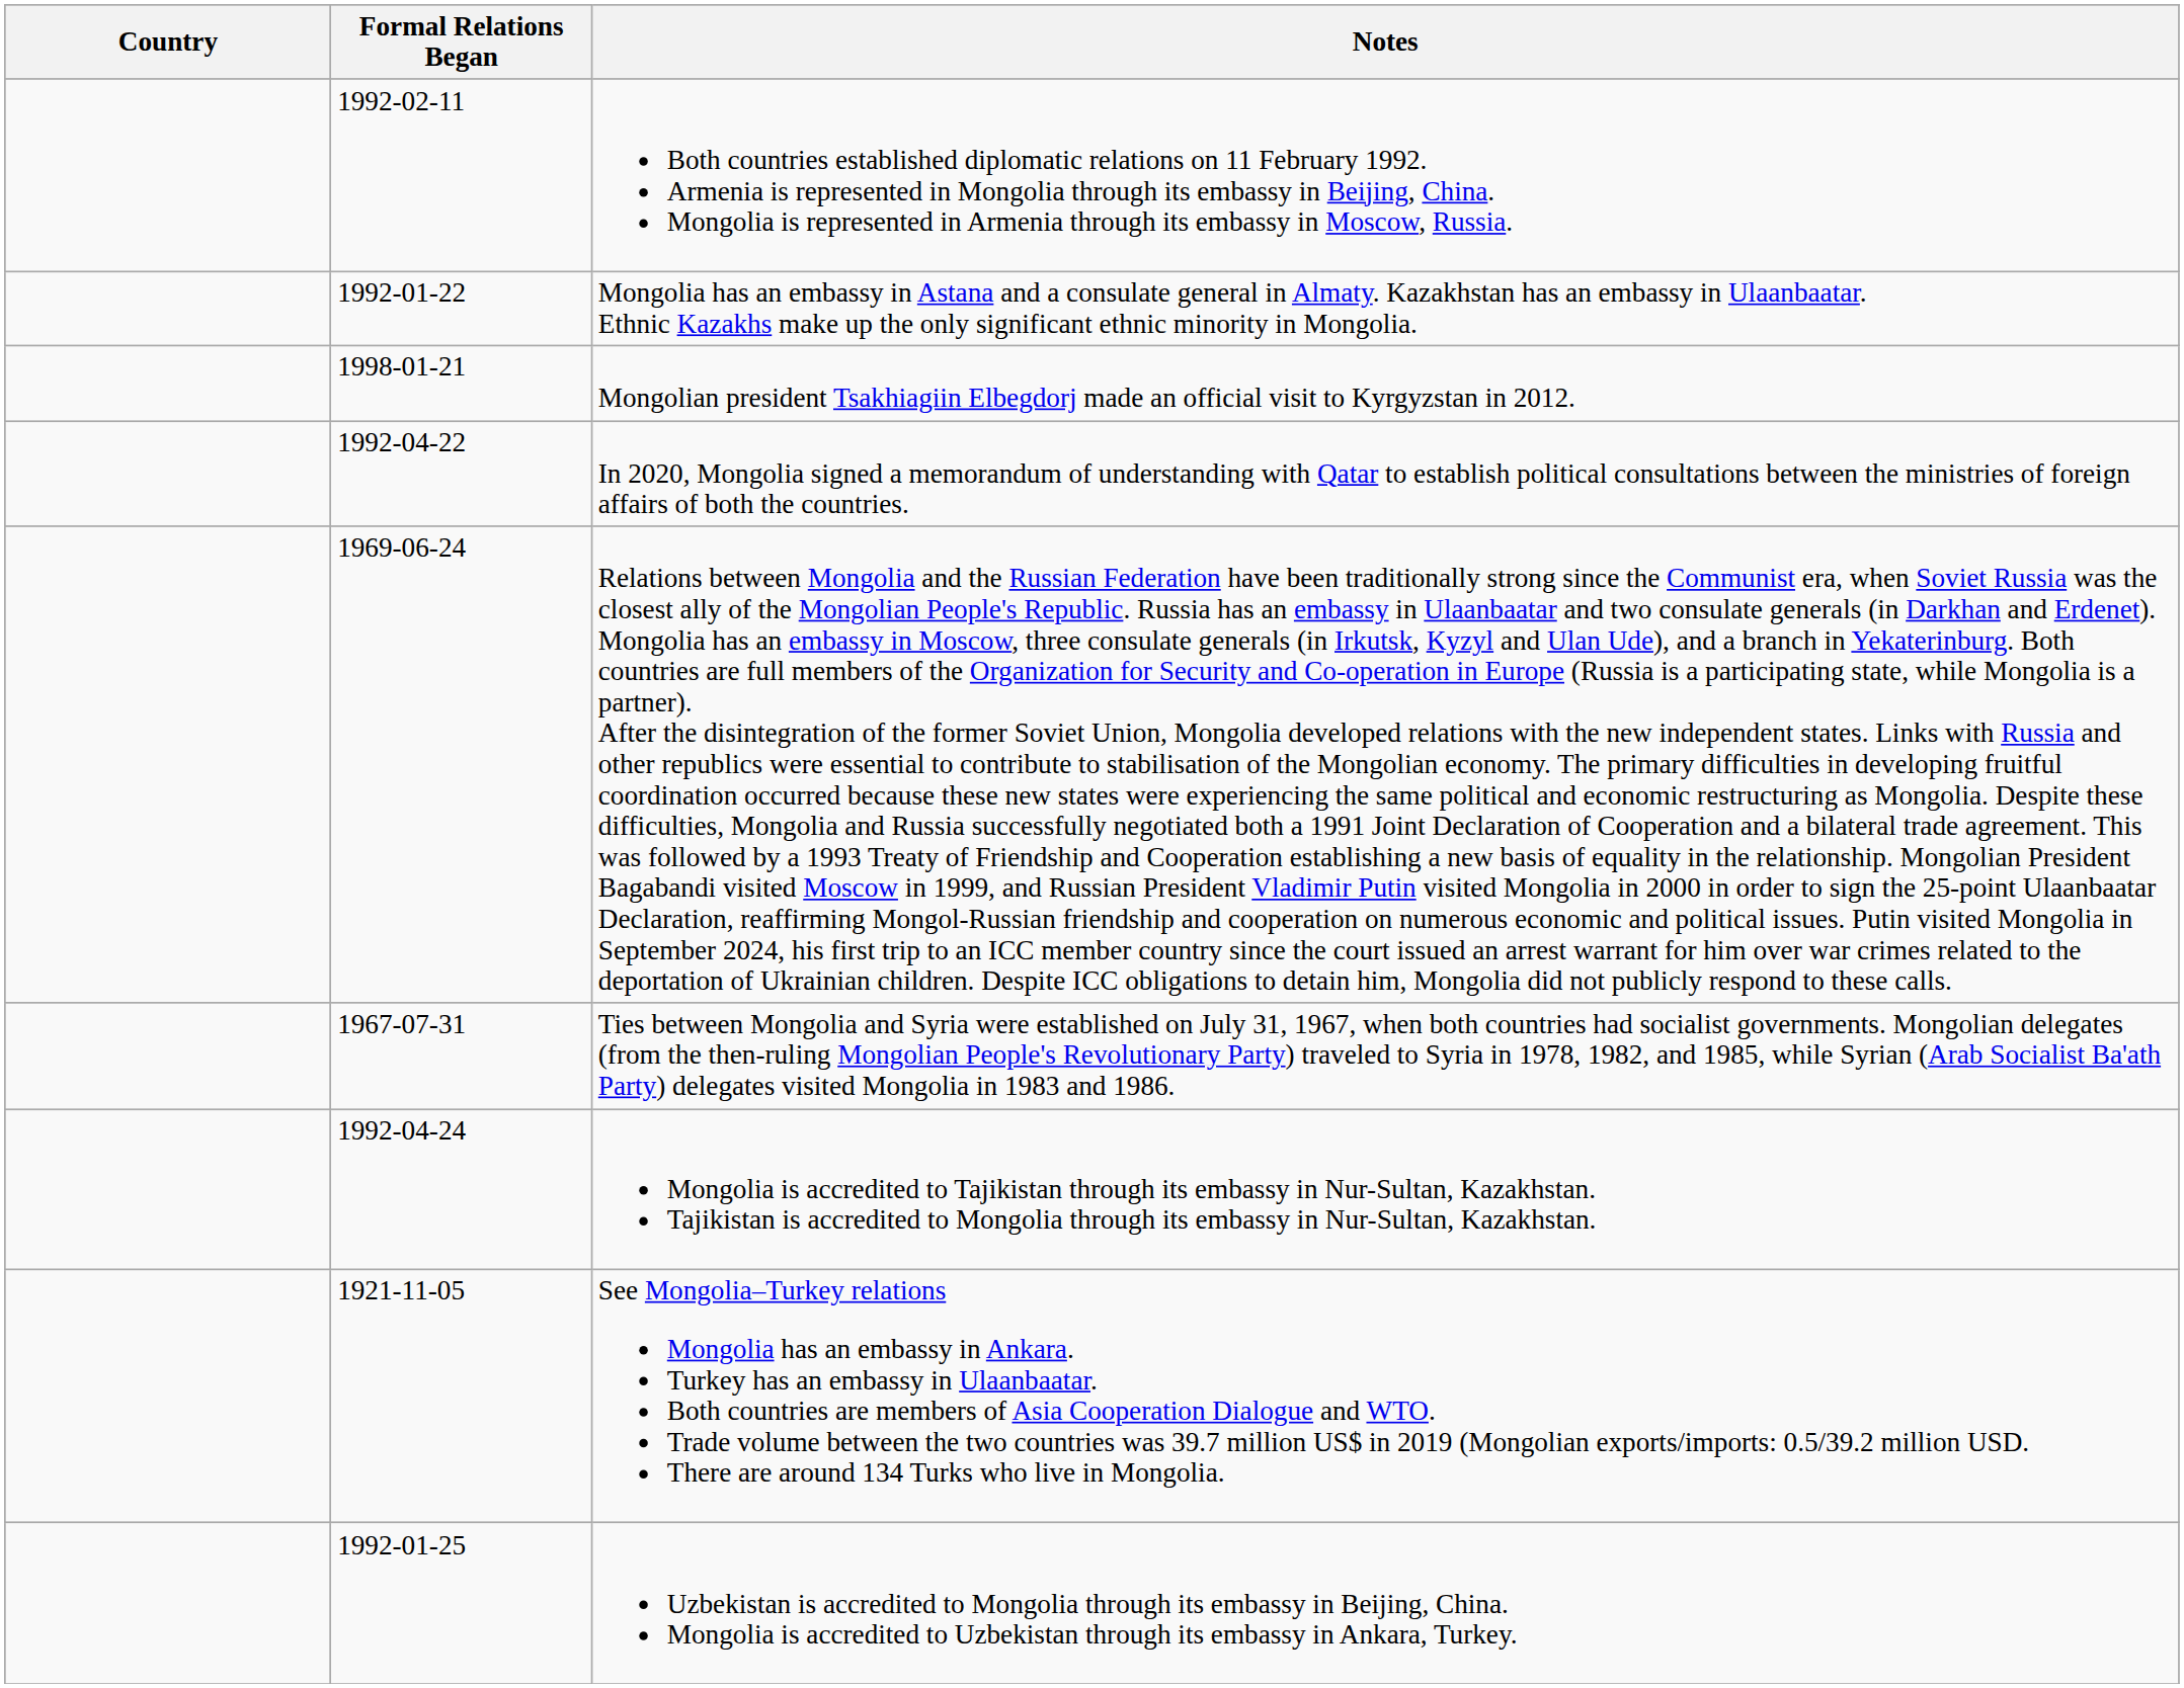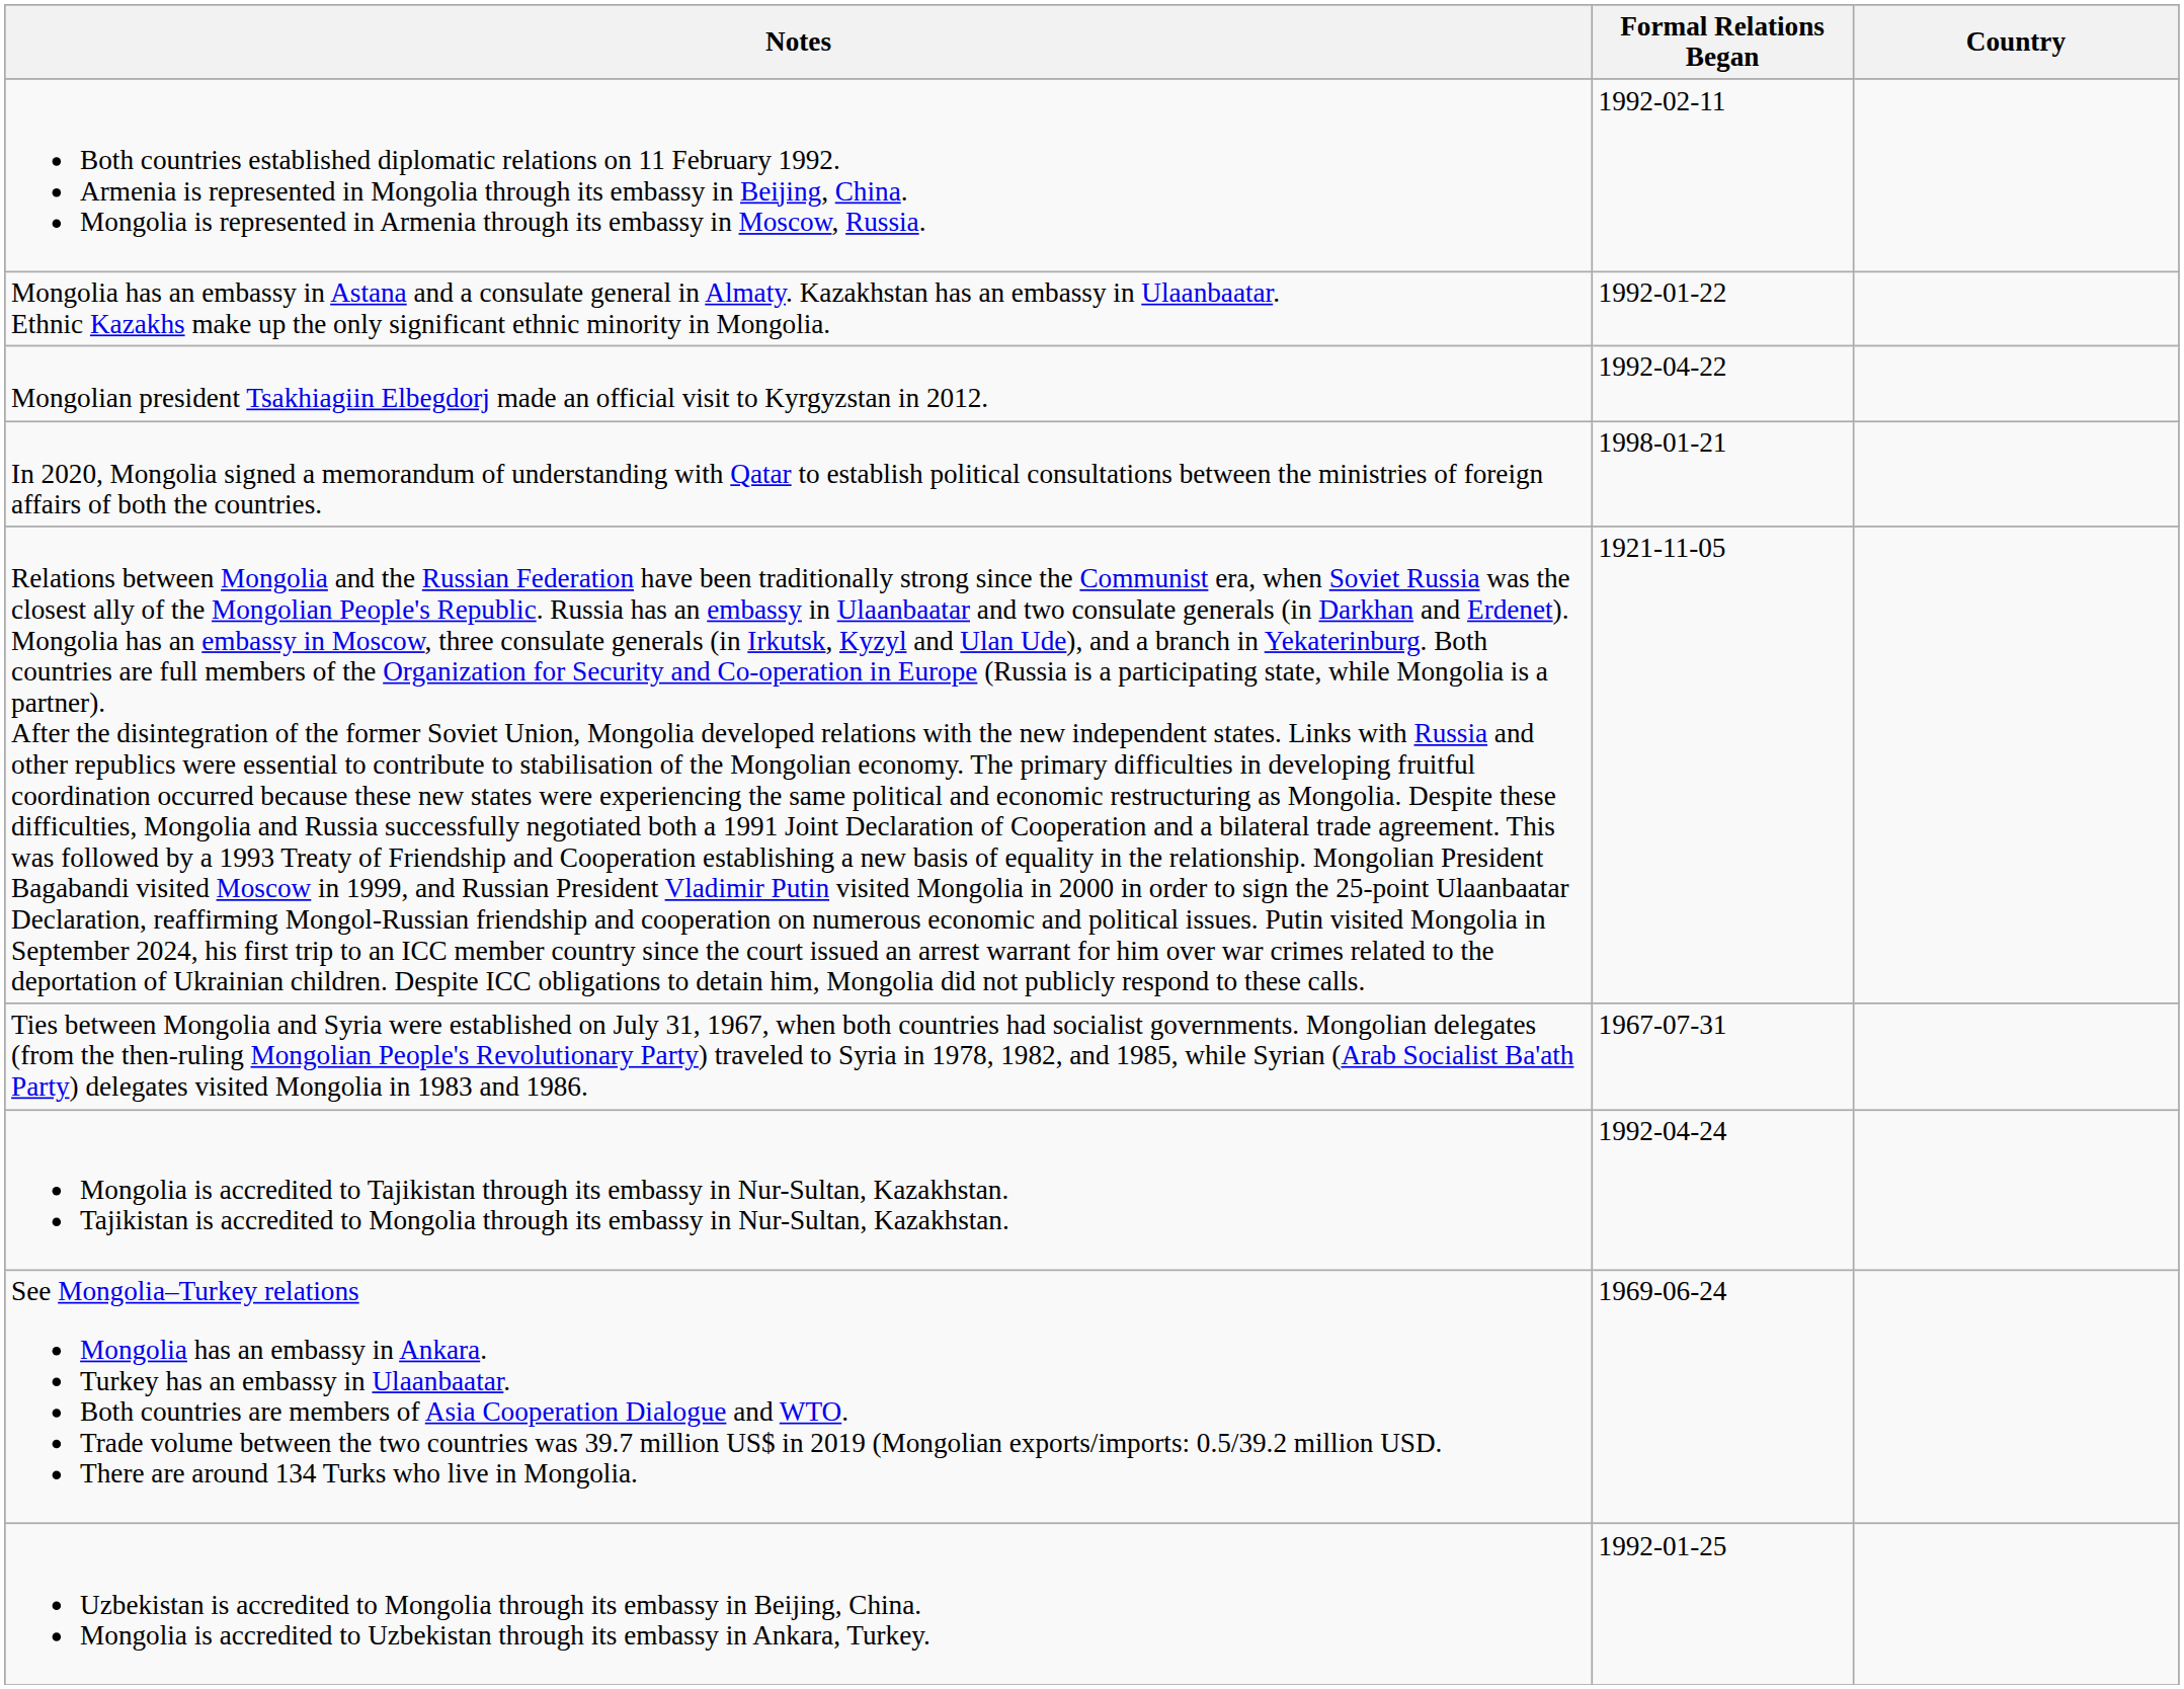 <table class="wikitable sortable" style="width:100%; margin:auto;">
 <tr>
+<th>Notes</th>
+<th style="width:12%;">Formal Relations Began</th>
 <th style="width:15%;">Country</th>
-<th style="width:12%;">Formal Relations Began</th>
-<th>Notes</th>
 </tr>
 <tr valign="top">
+<td><br><ul><li>Both countries established diplomatic relations on 11 February 1992.</li><li>Armenia is represented in Mongolia through its embassy in <a href='#'>Beijing</a>, <a href='#'>China</a>.</li><li>Mongolia is represented in Armenia through its embassy in <a href='#'>Moscow</a>, <a href='#'>Russia</a>.</li></ul></td>
+<td>1992-02-11</td>
 <td></td>
-<td>1992-02-11</td>
-<td><br><ul><li>Both countries established diplomatic relations on 11 February 1992.</li><li>Armenia is represented in Mongolia through its embassy in <a href='#'>Beijing</a>, <a href='#'>China</a>.</li><li>Mongolia is represented in Armenia through its embassy in <a href='#'>Moscow</a>, <a href='#'>Russia</a>.</li></ul></td>
 </tr>
 <tr valign="top">
+<td>Mongolia has an embassy in <a href='#'>Astana</a> and a consulate general in <a href='#'>Almaty</a>. Kazakhstan has an embassy in <a href='#'>Ulaanbaatar</a>.<br>Ethnic <a href='#'>Kazakhs</a> make up the only significant ethnic minority in Mongolia.</td>
+<td>1992-01-22</td>
 <td></td>
-<td>1992-01-22</td>
-<td>Mongolia has an embassy in <a href='#'>Astana</a> and a consulate general in <a href='#'>Almaty</a>. Kazakhstan has an embassy in <a href='#'>Ulaanbaatar</a>.<br>Ethnic <a href='#'>Kazakhs</a> make up the only significant ethnic minority in Mongolia.</td>
 </tr>
 <tr valign="top">
+<td><br>Mongolian president <a href='#'>Tsakhiagiin Elbegdorj</a> made an official visit to Kyrgyzstan in 2012.</td>
+<td>1992-04-22</td>
 <td></td>
-<td>1998-01-21</td>
-<td><br>Mongolian president <a href='#'>Tsakhiagiin Elbegdorj</a> made an official visit to Kyrgyzstan in 2012.</td>
 </tr>
 <tr valign="top">
+<td><br>In 2020, Mongolia signed a memorandum of understanding with <a href='#'>Qatar</a> to establish political consultations between the ministries of foreign affairs of both the countries.</td>
+<td>1998-01-21</td>
 <td></td>
-<td>1992-04-22</td>
-<td><br>In 2020, Mongolia signed a memorandum of understanding with <a href='#'>Qatar</a> to establish political consultations between the ministries of foreign affairs of both the countries.</td>
 </tr>
 <tr valign="top">
+<td><br>Relations between <a href='#'>Mongolia</a> and the <a href='#'>Russian Federation</a> have been traditionally strong since the <a href='#'>Communist</a> era, when <a href='#'>Soviet Russia</a> was the closest ally of the <a href='#'>Mongolian People's Republic</a>. Russia has an <a href='#'>embassy</a> in <a href='#'>Ulaanbaatar</a> and two consulate generals (in <a href='#'>Darkhan</a> and <a href='#'>Erdenet</a>). Mongolia has an <a href='#'>embassy in Moscow</a>, three consulate generals (in <a href='#'>Irkutsk</a>, <a href='#'>Kyzyl</a> and <a href='#'>Ulan Ude</a>), and a branch in <a href='#'>Yekaterinburg</a>. Both countries are full members of the <a href='#'>Organization for Security and Co-operation in Europe</a> (Russia is a participating state, while Mongolia is a partner).<br>After the disintegration of the former Soviet Union, Mongolia developed relations with the new independent states. Links with <a href='#'>Russia</a> and other republics were essential to contribute to stabilisation of the Mongolian economy. The primary difficulties in developing fruitful coordination occurred because these new states were experiencing the same political and economic restructuring as Mongolia. Despite these difficulties, Mongolia and Russia successfully negotiated both a 1991 Joint Declaration of Cooperation and a bilateral trade agreement. This was followed by a 1993 Treaty of Friendship and Cooperation establishing a new basis of equality in the relationship. Mongolian President Bagabandi visited <a href='#'>Moscow</a> in 1999, and Russian President <a href='#'>Vladimir Putin</a> visited Mongolia in 2000 in order to sign the 25-point Ulaanbaatar Declaration, reaffirming Mongol-Russian friendship and cooperation on numerous economic and political issues. Putin visited Mongolia in September 2024, his first trip to an ICC member country since the court issued an arrest warrant for him over war crimes related to the deportation of Ukrainian children. Despite ICC obligations to detain him, Mongolia did not publicly respond to these calls.</td>
+<td>1921-11-05</td>
 <td></td>
-<td>1969-06-24</td>
-<td><br>Relations between <a href='#'>Mongolia</a> and the <a href='#'>Russian Federation</a> have been traditionally strong since the <a href='#'>Communist</a> era, when <a href='#'>Soviet Russia</a> was the closest ally of the <a href='#'>Mongolian People's Republic</a>. Russia has an <a href='#'>embassy</a> in <a href='#'>Ulaanbaatar</a> and two consulate generals (in <a href='#'>Darkhan</a> and <a href='#'>Erdenet</a>). Mongolia has an <a href='#'>embassy in Moscow</a>, three consulate generals (in <a href='#'>Irkutsk</a>, <a href='#'>Kyzyl</a> and <a href='#'>Ulan Ude</a>), and a branch in <a href='#'>Yekaterinburg</a>. Both countries are full members of the <a href='#'>Organization for Security and Co-operation in Europe</a> (Russia is a participating state, while Mongolia is a partner).<br>After the disintegration of the former Soviet Union, Mongolia developed relations with the new independent states. Links with <a href='#'>Russia</a> and other republics were essential to contribute to stabilisation of the Mongolian economy. The primary difficulties in developing fruitful coordination occurred because these new states were experiencing the same political and economic restructuring as Mongolia. Despite these difficulties, Mongolia and Russia successfully negotiated both a 1991 Joint Declaration of Cooperation and a bilateral trade agreement. This was followed by a 1993 Treaty of Friendship and Cooperation establishing a new basis of equality in the relationship. Mongolian President Bagabandi visited <a href='#'>Moscow</a> in 1999, and Russian President <a href='#'>Vladimir Putin</a> visited Mongolia in 2000 in order to sign the 25-point Ulaanbaatar Declaration, reaffirming Mongol-Russian friendship and cooperation on numerous economic and political issues. Putin visited Mongolia in September 2024, his first trip to an ICC member country since the court issued an arrest warrant for him over war crimes related to the deportation of Ukrainian children. Despite ICC obligations to detain him, Mongolia did not publicly respond to these calls.</td>
 </tr>
 <tr valign="top">
+<td>Ties between Mongolia and Syria were established on July 31, 1967, when both countries had socialist governments. Mongolian delegates (from the then-ruling <a href='#'>Mongolian People's Revolutionary Party</a>) traveled to Syria in 1978, 1982, and 1985, while Syrian (<a href='#'>Arab Socialist Ba'ath Party</a>) delegates visited Mongolia in 1983 and 1986.<br> </td>
+<td>1967-07-31</td>
 <td></td>
-<td>1967-07-31</td>
-<td>Ties between Mongolia and Syria were established on July 31, 1967, when both countries had socialist governments. Mongolian delegates (from the then-ruling <a href='#'>Mongolian People's Revolutionary Party</a>) traveled to Syria in 1978, 1982, and 1985, while Syrian (<a href='#'>Arab Socialist Ba'ath Party</a>) delegates visited Mongolia in 1983 and 1986.<br> </td>
 </tr>
 <tr valign="top">
+<td><br><ul><li>Mongolia is accredited to Tajikistan through its embassy in Nur-Sultan, Kazakhstan.</li><li>Tajikistan is accredited to Mongolia through its embassy in Nur-Sultan, Kazakhstan.</li></ul></td>
+<td>1992-04-24</td>
 <td></td>
-<td>1992-04-24</td>
-<td><br><ul><li>Mongolia is accredited to Tajikistan through its embassy in Nur-Sultan, Kazakhstan.</li><li>Tajikistan is accredited to Mongolia through its embassy in Nur-Sultan, Kazakhstan.</li></ul></td>
 </tr>
 <tr valign="top">
+<td>See <a href='#'>Mongolia–Turkey relations</a><br><ul><li><a href='#'>Mongolia</a> has an embassy in <a href='#'>Ankara</a>.</li><li>Turkey has an embassy in <a href='#'>Ulaanbaatar</a>.</li><li>Both countries are members of <a href='#'>Asia Cooperation Dialogue</a> and <a href='#'>WTO</a>.</li><li>Trade volume between the two countries was 39.7 million US$ in 2019 (Mongolian exports/imports: 0.5/39.2 million USD.</li><li>There are around 134 Turks who live in Mongolia.</li></ul></td>
+<td>1969-06-24</td>
 <td></td>
-<td>1921-11-05</td>
-<td>See <a href='#'>Mongolia–Turkey relations</a><br><ul><li><a href='#'>Mongolia</a> has an embassy in <a href='#'>Ankara</a>.</li><li>Turkey has an embassy in <a href='#'>Ulaanbaatar</a>.</li><li>Both countries are members of <a href='#'>Asia Cooperation Dialogue</a> and <a href='#'>WTO</a>.</li><li>Trade volume between the two countries was 39.7 million US$ in 2019 (Mongolian exports/imports: 0.5/39.2 million USD.</li><li>There are around 134 Turks who live in Mongolia.</li></ul></td>
 </tr>
 <tr valign="top">
+<td><br><ul><li>Uzbekistan is accredited to Mongolia through its embassy in Beijing, China.</li><li>Mongolia is accredited to Uzbekistan through its embassy in Ankara, Turkey.</li></ul></td>
+<td>1992-01-25</td>
 <td></td>
-<td>1992-01-25</td>
-<td><br><ul><li>Uzbekistan is accredited to Mongolia through its embassy in Beijing, China.</li><li>Mongolia is accredited to Uzbekistan through its embassy in Ankara, Turkey.</li></ul></td>
 </tr>
 </table>
